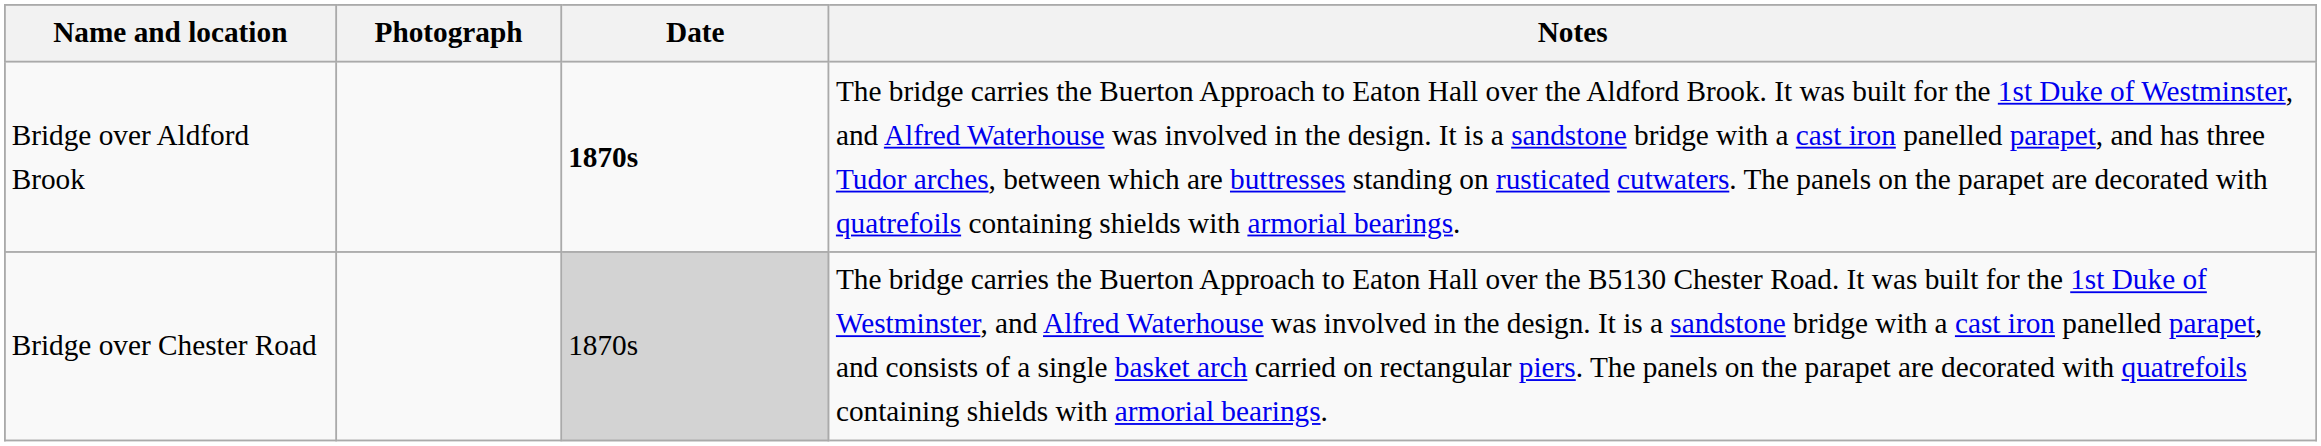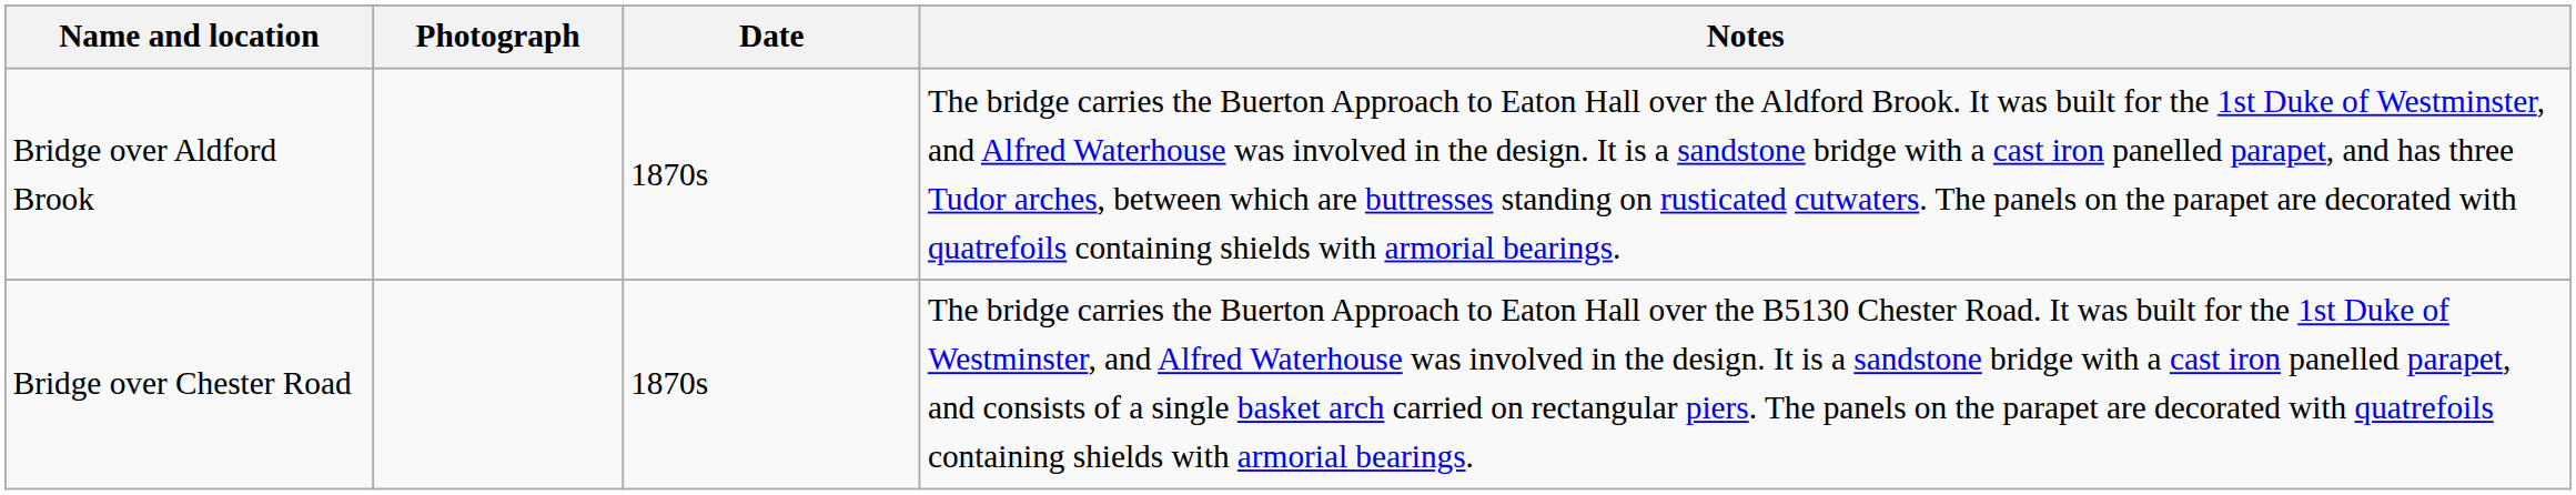 <table class="wikitable sortable plainrowheaders" style="width:100%;border:0px;text-align:left;line-height:150%;">
 <tr>
 <th scope="col"  style="width:150px">Name and location</th>
 <th scope="col"  style="width:100px" class="unsortable">Photograph</th>
 <th scope="col"  style="width:120px">Date</th>
 <th scope="col"  style="width:700px" class="unsortable">Notes</th>
 </tr>
 <tr>
 <td>Bridge over Aldford Brook<br><small></small></td>
 <td></td>
-<td><strong>1870s</strong></td>
+<td>1870s</td>
 <td>The bridge carries the Buerton Approach to Eaton Hall over the Aldford Brook.  It was built for the <a href='#'>1st Duke of Westminster</a>, and <a href='#'>Alfred Waterhouse</a> was involved in the design.  It is a <a href='#'>sandstone</a> bridge with a <a href='#'>cast iron</a> panelled <a href='#'>parapet</a>, and has three <a href='#'>Tudor arches</a>, between which are <a href='#'>buttresses</a> standing on <a href='#'>rusticated</a> <a href='#'>cutwaters</a>.  The panels on the parapet are decorated with <a href='#'>quatrefoils</a> containing shields with <a href='#'>armorial bearings</a>.</td>
 </tr>
 <tr>
 <td>Bridge over Chester Road<br><small></small></td>
 <td></td>
-<td style="background: lightgrey;">1870s</td>
+<td>1870s</td>
 <td>The bridge carries the Buerton Approach to Eaton Hall over the B5130 Chester Road.  It was built for the <a href='#'>1st Duke of Westminster</a>, and <a href='#'>Alfred Waterhouse</a> was involved in the design.  It is a <a href='#'>sandstone</a> bridge with a <a href='#'>cast iron</a> panelled <a href='#'>parapet</a>, and consists of a single <a href='#'>basket arch</a> carried on rectangular <a href='#'>piers</a>.  The panels on the parapet are decorated with <a href='#'>quatrefoils</a> containing shields with <a href='#'>armorial bearings</a>.</td>
 </tr>
 <tr>
 </tr>
 </table>
